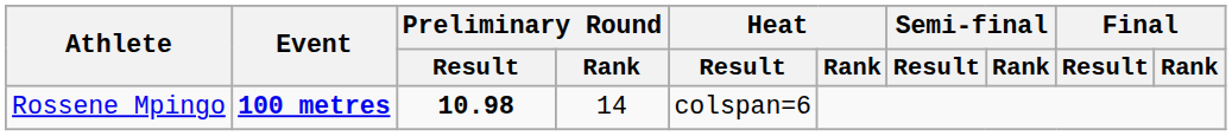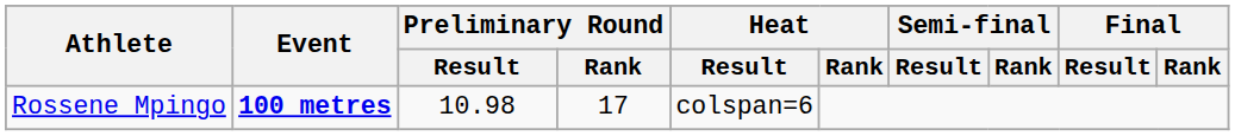 <table class="wikitable" style="font-size:90%">
 <tr>
 <th rowspan="2">Athlete</th>
 <th rowspan="2">Event</th>
 <th colspan="2">Preliminary Round</th>
 <th colspan="2">Heat</th>
 <th colspan="2">Semi-final</th>
 <th colspan="2">Final</th>
 </tr>
 <tr style="font-size:95%">
 <th>Result</th>
 <th>Rank</th>
 <th>Result</th>
 <th>Rank</th>
 <th>Result</th>
 <th>Rank</th>
 <th>Result</th>
 <th>Rank</th>
 </tr>
 <tr style=text-align:center>
 <td style=text-align:left><a href='#'>Rossene Mpingo</a></td>
 <td style=text-align:left><strong><a href='#'>100 metres</a></strong></td>
-<td><strong>10.98 </strong></td>
-<td>14</td>
+<td>10.98 </td>
+<td>17</td>
 <td>colspan=6 </td>
 </tr>
 </table>
